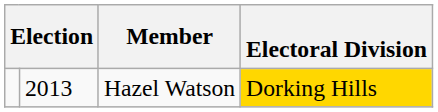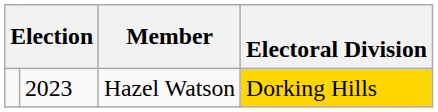 <table class="wikitable">
 <tr>
 <th colspan="2">Election</th>
 <th>Member</th>
 <th><br>Electoral Division</th>
 </tr>
 <tr>
 <td style="background-color: "></td>
-<td>2013</td>
+<td>2023</td>
 <td>Hazel Watson</td>
 <td style="background: gold;">Dorking Hills</td>
 </tr>
 </table>
